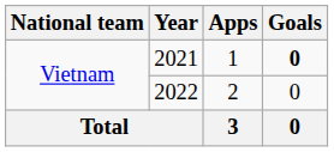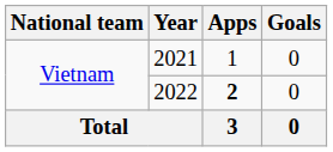 <table class="wikitable" style="text-align: center;">
 <tr>
 <th>National team</th>
 <th>Year</th>
 <th>Apps</th>
 <th>Goals</th>
 </tr>
 <tr>
 <td rowspan=2><a href='#'>Vietnam</a></td>
 <td>2021</td>
 <td>1</td>
-<td><strong>0</strong></td>
+<td>0</td>
 </tr>
 <tr>
 <td>2022</td>
-<td>2</td>
+<td><strong>2</strong></td>
 <td>0</td>
 </tr>
 <tr>
 <th colspan=2>Total</th>
 <th>3</th>
 <th>0</th>
 </tr>
 </table>
